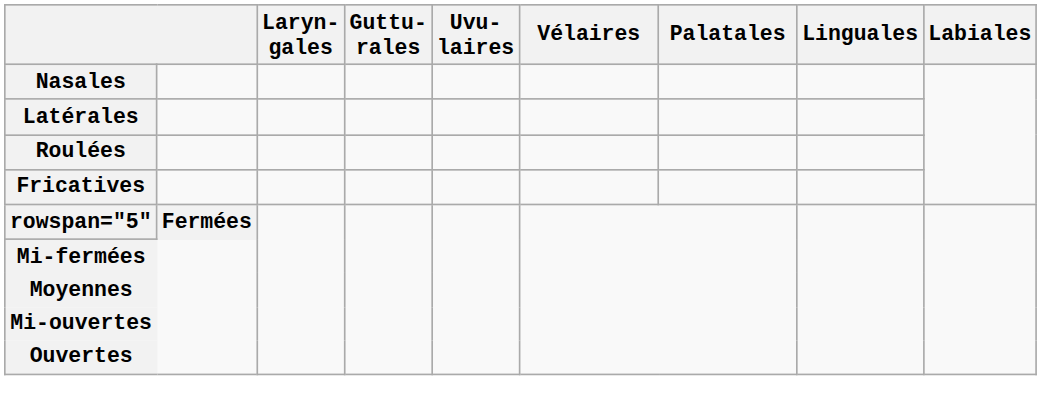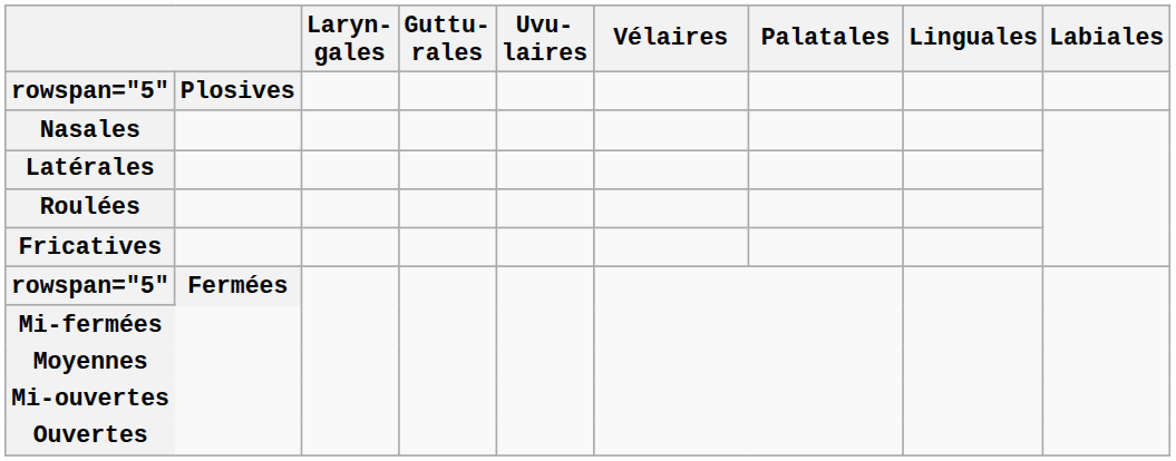 <table class="wikitable nowrap" style="text-align: center;">
 <tr>
 <th colspan="2"></th>
 <th>Laryn-<br>gales</th>
 <th>Guttu-<br>rales</th>
 <th>Uvu-<br>laires</th>
 <th style="min-width: 6em; max-width: 6em;">Vélaires</th>
 <th style="min-width: 6em; max-width: 6em;">Palatales</th>
 <th>Linguales</th>
 <th>Labiales</th>
+</tr>
+<tr>
+<th>rowspan="5" </th>
+<th>Plosives</th>
+<td></td>
+<td></td>
+<td></td>
+<td></td>
+<td></td>
+<td></td>
+<td></td>
 </tr>
 <tr>
 <th>Nasales</th>
 <td></td>
 <td></td>
 <td></td>
 <td></td>
 <td></td>
 <td></td>
 <td></td>
 </tr>
 <tr>
 <th>Latérales</th>
 <td></td>
 <td></td>
 <td></td>
 <td></td>
 <td></td>
 <td></td>
 <td></td>
 </tr>
 <tr>
 <th>Roulées</th>
 <td></td>
 <td></td>
 <td></td>
 <td></td>
 <td></td>
 <td></td>
 <td></td>
 </tr>
 <tr>
 <th>Fricatives</th>
 <td></td>
 <td></td>
 <td></td>
 <td></td>
 <td></td>
 <td><div></div><br><div></div></td>
 <td><div></div><div></div><br><div></div></td>
 </tr>
 <tr>
 <th>rowspan="5" </th>
 <th style="border: none;">Fermées</th>
 <td rowspan="5"></td>
 <td rowspan="5"></td>
 <td rowspan="5"></td>
 <td colspan="2" rowspan="5" class="wrap"><div></div><br><div><span> </span><span> </span><span> </span></div> <div></div> <div></div> <div></div> <div><span> </span></div> <div></div></td>
 <td rowspan="5"></td>
 <td rowspan="5" style="text-align: right; vertical-align: top;"><div></div><br><div></div> <div></div></td>
 </tr>
 <tr>
 <th style="border: none;">Mi-fermées</th>
 </tr>
 <tr>
 <th style="border: none;">Moyennes</th>
 </tr>
 <tr>
 <th style="border: none;">Mi-ouvertes</th>
 </tr>
 <tr>
 <th style="border: none;">Ouvertes</th>
 </tr>
 </table>
